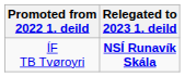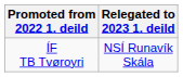 <table class="wikitable">
 <tr>
 <th>Promoted from<br><a href='#'>2022 1. deild</a></th>
 <th>Relegated to<br><a href='#'>2023 1. deild</a></th>
 </tr>
 <tr>
 <td align=center><a href='#'>ÍF</a><br><a href='#'>TB Tvøroyri</a></td>
-<td align=center><strong><a href='#'>NSÍ Runavík</a><br><a href='#'>Skála</a></strong></td>
+<td align=center><a href='#'>NSÍ Runavík</a><br><a href='#'>Skála</a></td>
 </tr>
 </table>
